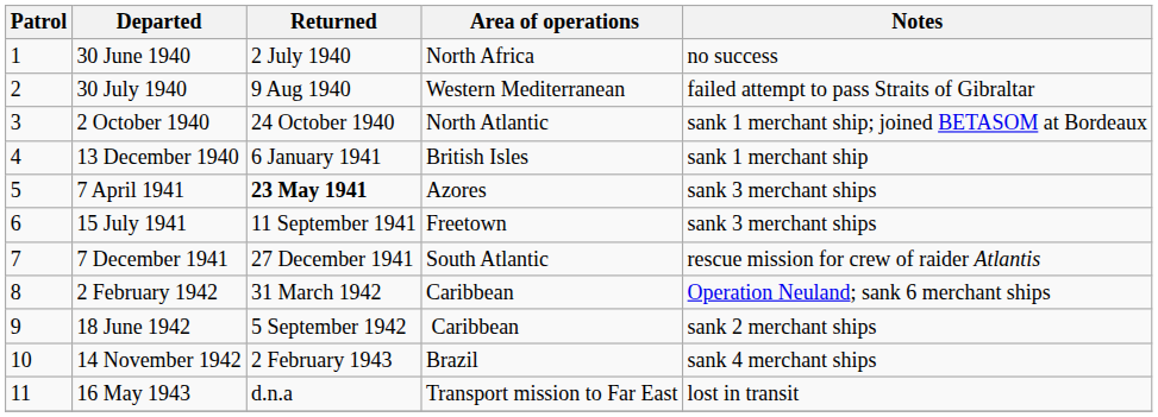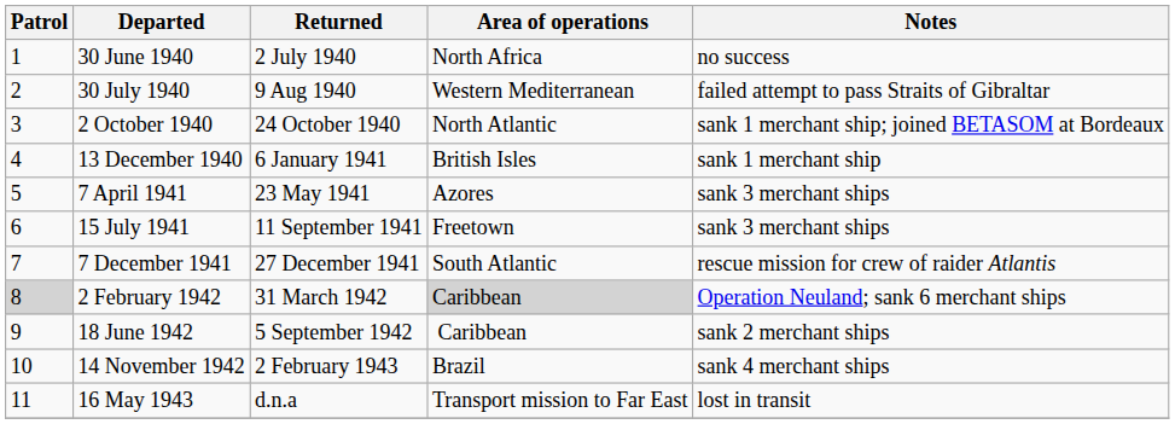 <table class="wikitable sortable">
 <tr>
 <th>Patrol</th>
 <th>Departed</th>
 <th>Returned</th>
 <th> Area of operations</th>
 <th>Notes</th>
 </tr>
 <tr>
 <td>1</td>
 <td>30 June 1940</td>
 <td>2 July 1940</td>
 <td>North Africa</td>
 <td>no success</td>
 </tr>
 <tr>
 <td>2</td>
 <td>30 July 1940</td>
 <td>9 Aug 1940</td>
 <td>Western Mediterranean</td>
 <td>failed attempt to pass Straits of Gibraltar</td>
 </tr>
 <tr>
 <td>3</td>
 <td>2 October 1940</td>
 <td>24 October 1940</td>
 <td>North Atlantic</td>
 <td>sank 1 merchant ship; joined <a href='#'>BETASOM</a> at Bordeaux</td>
 </tr>
 <tr>
 <td>4</td>
 <td>13 December 1940</td>
 <td>6 January 1941</td>
 <td>British Isles</td>
 <td>sank 1 merchant ship</td>
 </tr>
 <tr>
 <td>5</td>
 <td>7 April 1941</td>
-<td><strong>23 May 1941</strong></td>
+<td>23 May 1941</td>
 <td>Azores</td>
 <td>sank 3 merchant ships</td>
 </tr>
 <tr>
 <td>6</td>
 <td>15 July 1941</td>
 <td>11 September 1941</td>
 <td>Freetown</td>
 <td>sank 3 merchant ships</td>
 </tr>
 <tr>
 <td>7</td>
 <td>7 December 1941</td>
 <td>27 December 1941</td>
 <td>South Atlantic</td>
 <td>rescue mission for crew of raider <em>Atlantis</em></td>
 </tr>
 <tr>
-<td>8</td>
+<td style="background: lightgrey;">8</td>
 <td>2 February 1942</td>
 <td>31 March 1942</td>
-<td>Caribbean</td>
+<td style="background: lightgrey;">Caribbean</td>
 <td><a href='#'>Operation Neuland</a>; sank 6 merchant ships</td>
 </tr>
 <tr>
 <td>9</td>
 <td>18 June 1942</td>
 <td>5 September 1942</td>
 <td> Caribbean</td>
 <td>sank 2 merchant ships</td>
 </tr>
 <tr>
 <td>10</td>
 <td>14 November 1942</td>
 <td>2 February 1943</td>
 <td>Brazil</td>
 <td>sank 4 merchant ships</td>
 </tr>
 <tr>
 <td>11</td>
 <td>16 May 1943</td>
 <td>d.n.a</td>
 <td>Transport mission to Far East</td>
 <td>lost in transit</td>
 </tr>
 <tr>
 </tr>
 </table>
